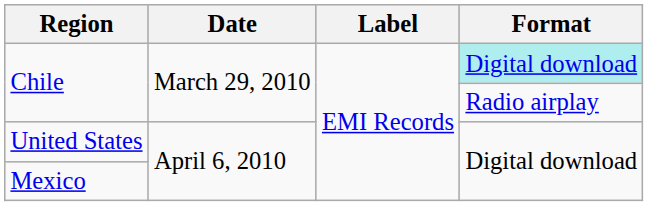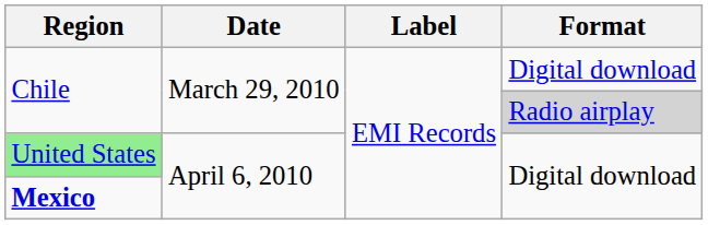 <table class=wikitable>
 <tr>
 <th>Region</th>
 <th>Date</th>
 <th>Label</th>
 <th>Format</th>
 </tr>
 <tr>
 <td rowspan="2"><a href='#'>Chile</a></td>
 <td rowspan="2">March 29, 2010</td>
 <td rowspan="4"><a href='#'>EMI Records</a></td>
-<td style="background: paleturquoise;"><a href='#'>Digital download</a></td>
+<td><a href='#'>Digital download</a></td>
 </tr>
 <tr>
-<td><a href='#'>Radio airplay</a></td>
+<td style="background: lightgrey;"><a href='#'>Radio airplay</a></td>
 </tr>
 <tr>
-<td><a href='#'>United States</a></td>
+<td style="background: lightgreen;"><a href='#'>United States</a></td>
 <td rowspan="2">April 6, 2010</td>
 <td rowspan="2">Digital download</td>
 </tr>
 <tr>
-<td><a href='#'>Mexico</a></td>
+<td><strong><a href='#'>Mexico</a></strong></td>
 </tr>
 </table>
